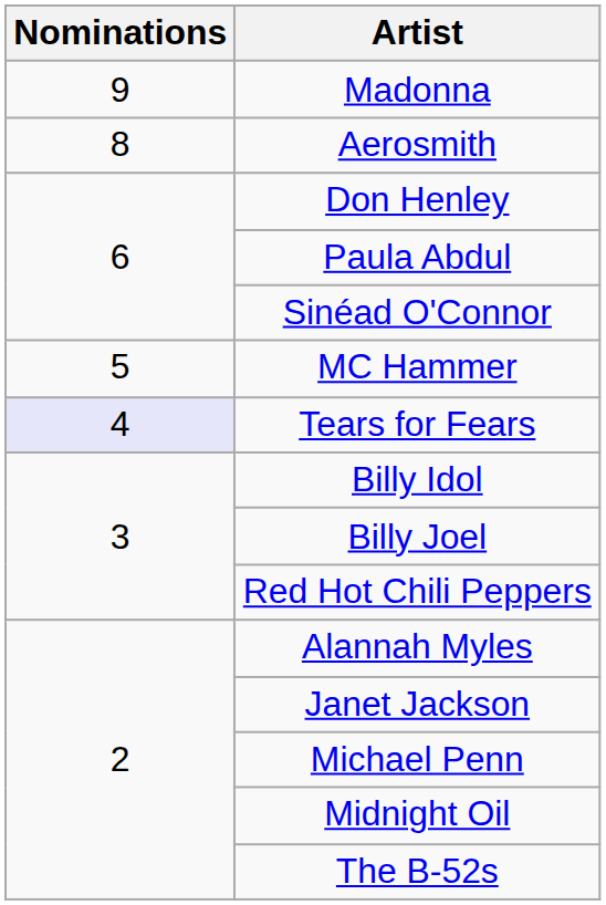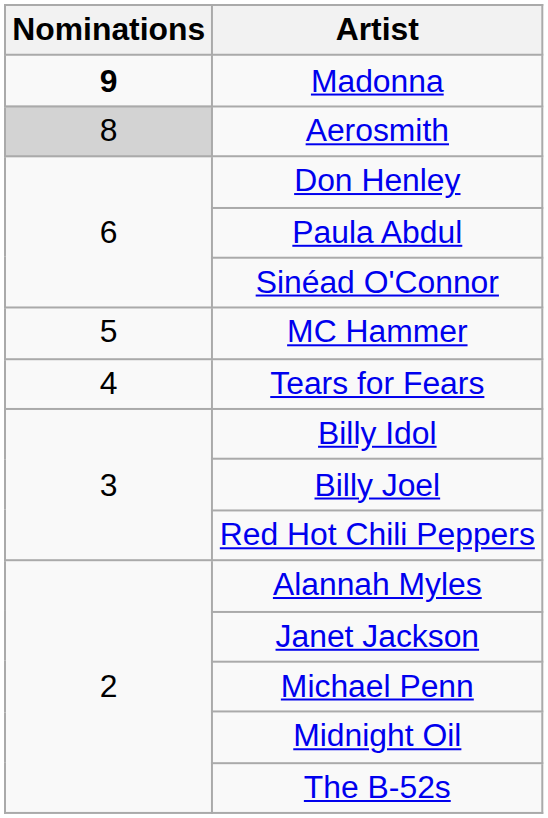 <table class="wikitable" rowspan="2" style="text-align:center">
 <tr>
 <th scope="col" style="width:55px;">Nominations</th>
 <th scope="col" style="text-align:center;">Artist</th>
 </tr>
 <tr>
-<td style="text-align:center">9</td>
+<td style="text-align:center"><strong>9</strong></td>
 <td><a href='#'>Madonna</a></td>
 </tr>
 <tr>
-<td style="text-align:center">8</td>
+<td style="background: lightgrey; text-align:center">8</td>
 <td><a href='#'>Aerosmith</a></td>
 </tr>
 <tr>
 <td rowspan="3" style="text-align:center">6</td>
 <td><a href='#'>Don Henley</a></td>
 </tr>
 <tr>
 <td><a href='#'>Paula Abdul</a></td>
 </tr>
 <tr>
 <td><a href='#'>Sinéad O'Connor</a></td>
 </tr>
 <tr>
 <td style="text-align:center">5</td>
 <td><a href='#'>MC Hammer</a></td>
 </tr>
 <tr>
-<td style="background: lavender; text-align:center">4</td>
+<td style="text-align:center">4</td>
 <td><a href='#'>Tears for Fears</a></td>
 </tr>
 <tr>
 <td rowspan="3" style="text-align:center">3</td>
 <td><a href='#'>Billy Idol</a></td>
 </tr>
 <tr>
 <td><a href='#'>Billy Joel</a></td>
 </tr>
 <tr>
 <td><a href='#'>Red Hot Chili Peppers</a></td>
 </tr>
 <tr>
 <td rowspan="5" style="text-align:center">2</td>
 <td><a href='#'>Alannah Myles</a></td>
 </tr>
 <tr>
 <td><a href='#'>Janet Jackson</a></td>
 </tr>
 <tr>
 <td><a href='#'>Michael Penn</a></td>
 </tr>
 <tr>
 <td><a href='#'>Midnight Oil</a></td>
 </tr>
 <tr>
 <td><a href='#'>The B-52s</a></td>
 </tr>
 </table>
